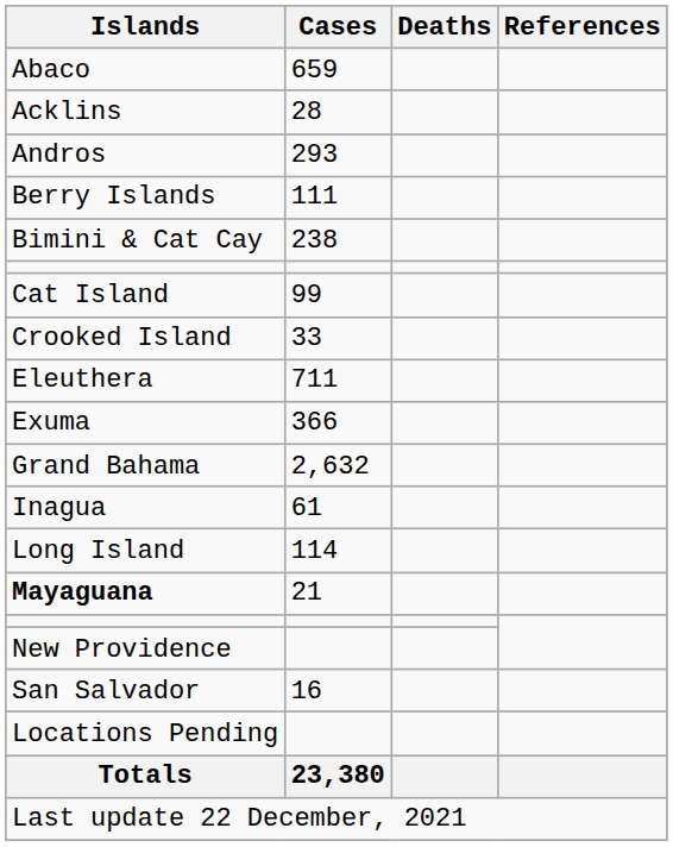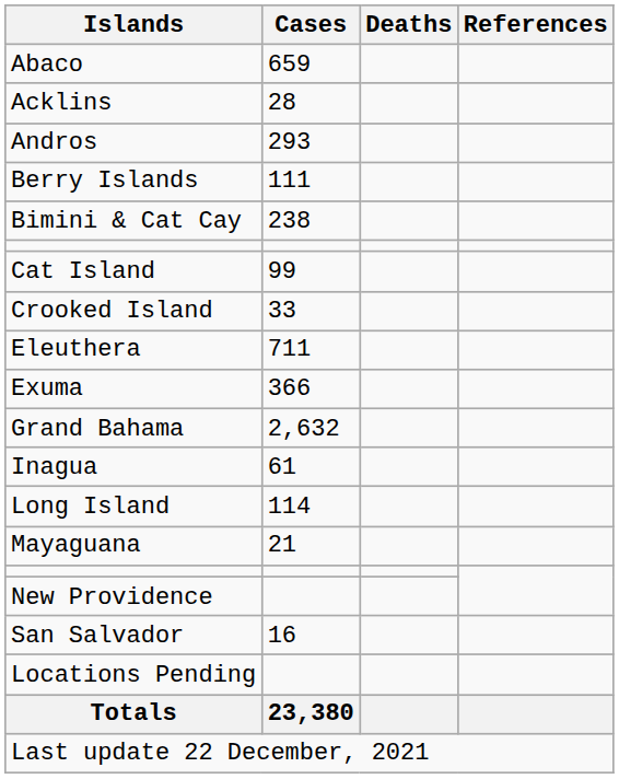 <table class="wikitable sortable">
 <tr>
 <th>Islands</th>
 <th>Cases</th>
 <th>Deaths</th>
 <th>References</th>
 </tr>
 <tr>
 <td>Abaco</td>
 <td>659</td>
 <td></td>
 <td></td>
 </tr>
 <tr>
 <td>Acklins</td>
 <td>28</td>
 <td></td>
 <td></td>
 </tr>
 <tr>
 <td>Andros</td>
 <td>293</td>
 <td></td>
 <td></td>
 </tr>
 <tr>
 <td>Berry Islands</td>
 <td>111</td>
 <td></td>
 <td></td>
 </tr>
 <tr>
 <td>Bimini & Cat Cay</td>
 <td>238</td>
 <td></td>
 <td></td>
 </tr>
 <tr>
 <td></td>
 <td></td>
 <td></td>
 </tr>
 <tr>
 <td>Cat Island</td>
 <td>99</td>
 <td></td>
 <td></td>
 </tr>
 <tr>
 <td>Crooked Island</td>
 <td>33</td>
 <td></td>
 <td></td>
 </tr>
 <tr>
 <td>Eleuthera</td>
 <td>711</td>
 <td></td>
 <td></td>
 </tr>
 <tr>
 <td>Exuma</td>
 <td>366</td>
 <td></td>
 <td></td>
 </tr>
 <tr>
 <td>Grand Bahama</td>
 <td>2,632</td>
 <td></td>
 <td></td>
 </tr>
 <tr>
 <td>Inagua</td>
 <td>61</td>
 <td></td>
 <td></td>
 </tr>
 <tr>
 <td>Long Island</td>
 <td>114</td>
 <td></td>
 <td></td>
 </tr>
 <tr>
-<td><strong>Mayaguana</strong></td>
+<td>Mayaguana</td>
 <td>21</td>
 <td></td>
 <td></td>
 </tr>
 <tr>
 <td></td>
 <td></td>
 <td></td>
 </tr>
 <tr>
 <td>New Providence</td>
 <td 17,891></td>
 <td></td>
 </tr>
 <tr>
 <td>San Salvador</td>
 <td>16</td>
 <td></td>
 <td></td>
 </tr>
 <tr>
 <td>Locations Pending</td>
 <td 107></td>
 <td></td>
 </tr>
 <tr>
 <th>Totals</th>
 <th>23,380</th>
 <th></th>
 <th></th>
 </tr>
 <tr>
 <td colspan="4">Last update 22 December, 2021</td>
 </tr>
 </table>
